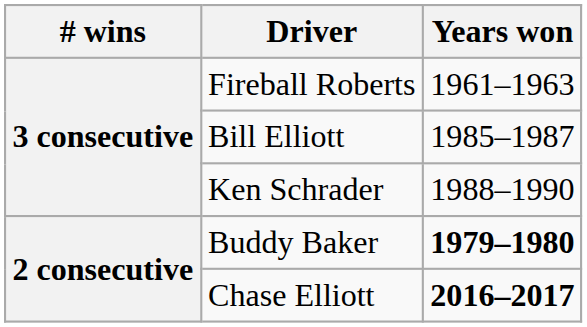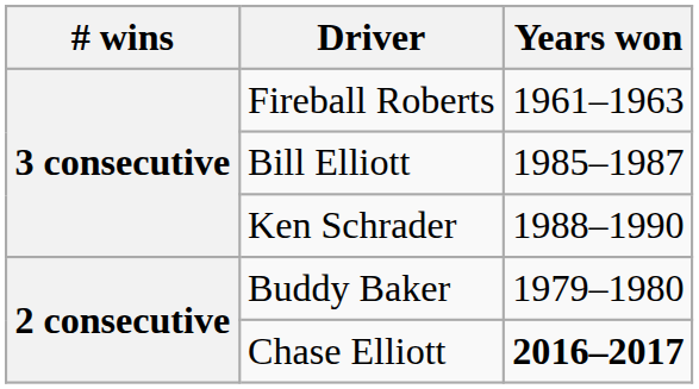 <table class="wikitable" style="font-size: 95%;">
 <tr>
 <th># wins</th>
 <th>Driver</th>
 <th>Years won</th>
 </tr>
 <tr>
 <th rowspan="3">3 consecutive</th>
 <td>Fireball Roberts</td>
 <td>1961–1963</td>
 </tr>
 <tr>
 <td>Bill Elliott</td>
 <td>1985–1987</td>
 </tr>
 <tr>
 <td>Ken Schrader</td>
 <td>1988–1990</td>
 </tr>
 <tr>
 <th rowspan="2">2 consecutive</th>
 <td>Buddy Baker</td>
-<td><strong>1979–1980</strong></td>
+<td>1979–1980</td>
 </tr>
 <tr>
 <td>Chase Elliott</td>
 <td><strong>2016–2017</strong></td>
 </tr>
 </table>
